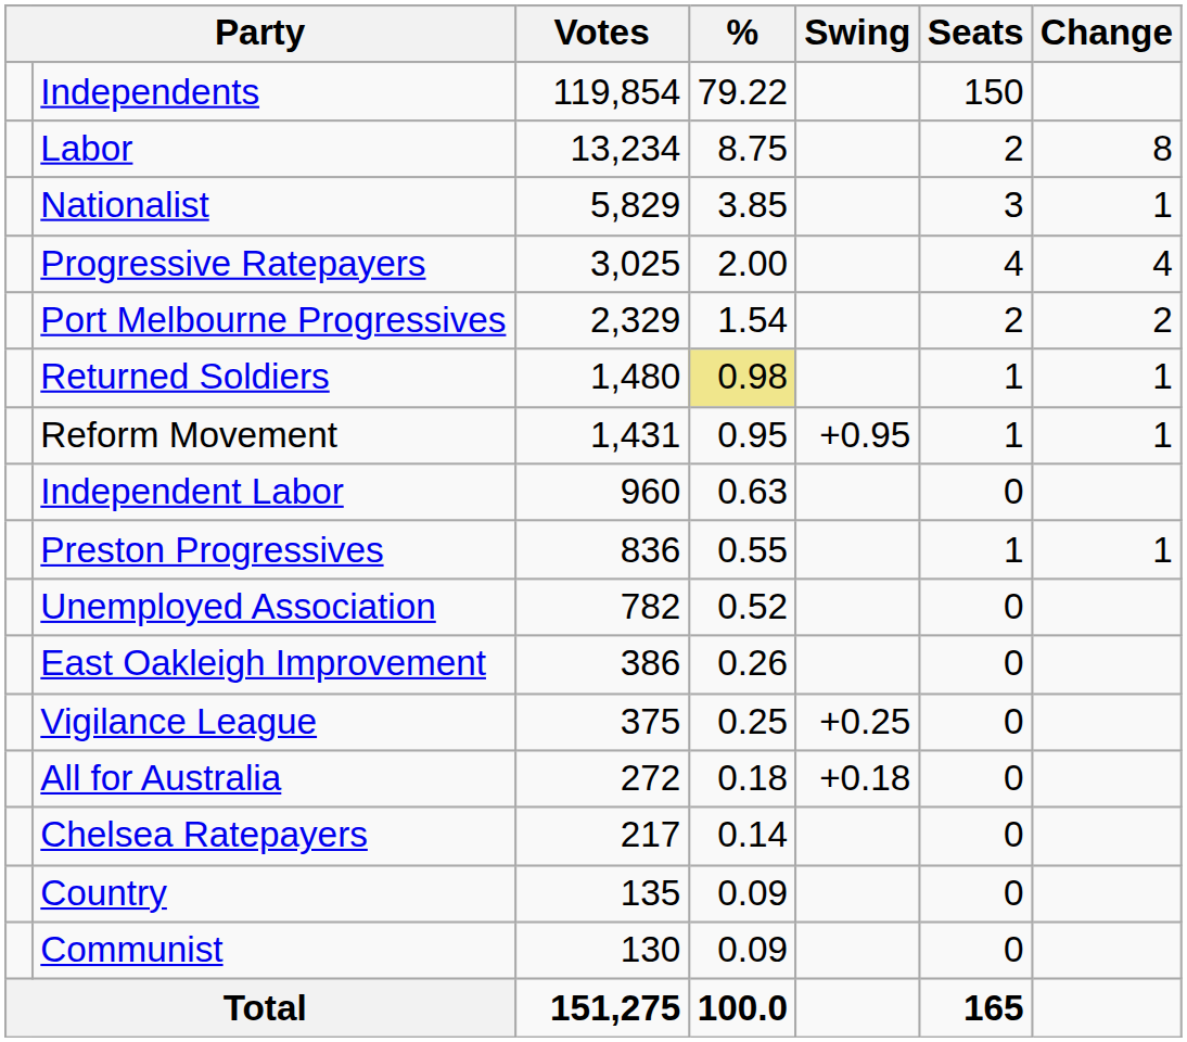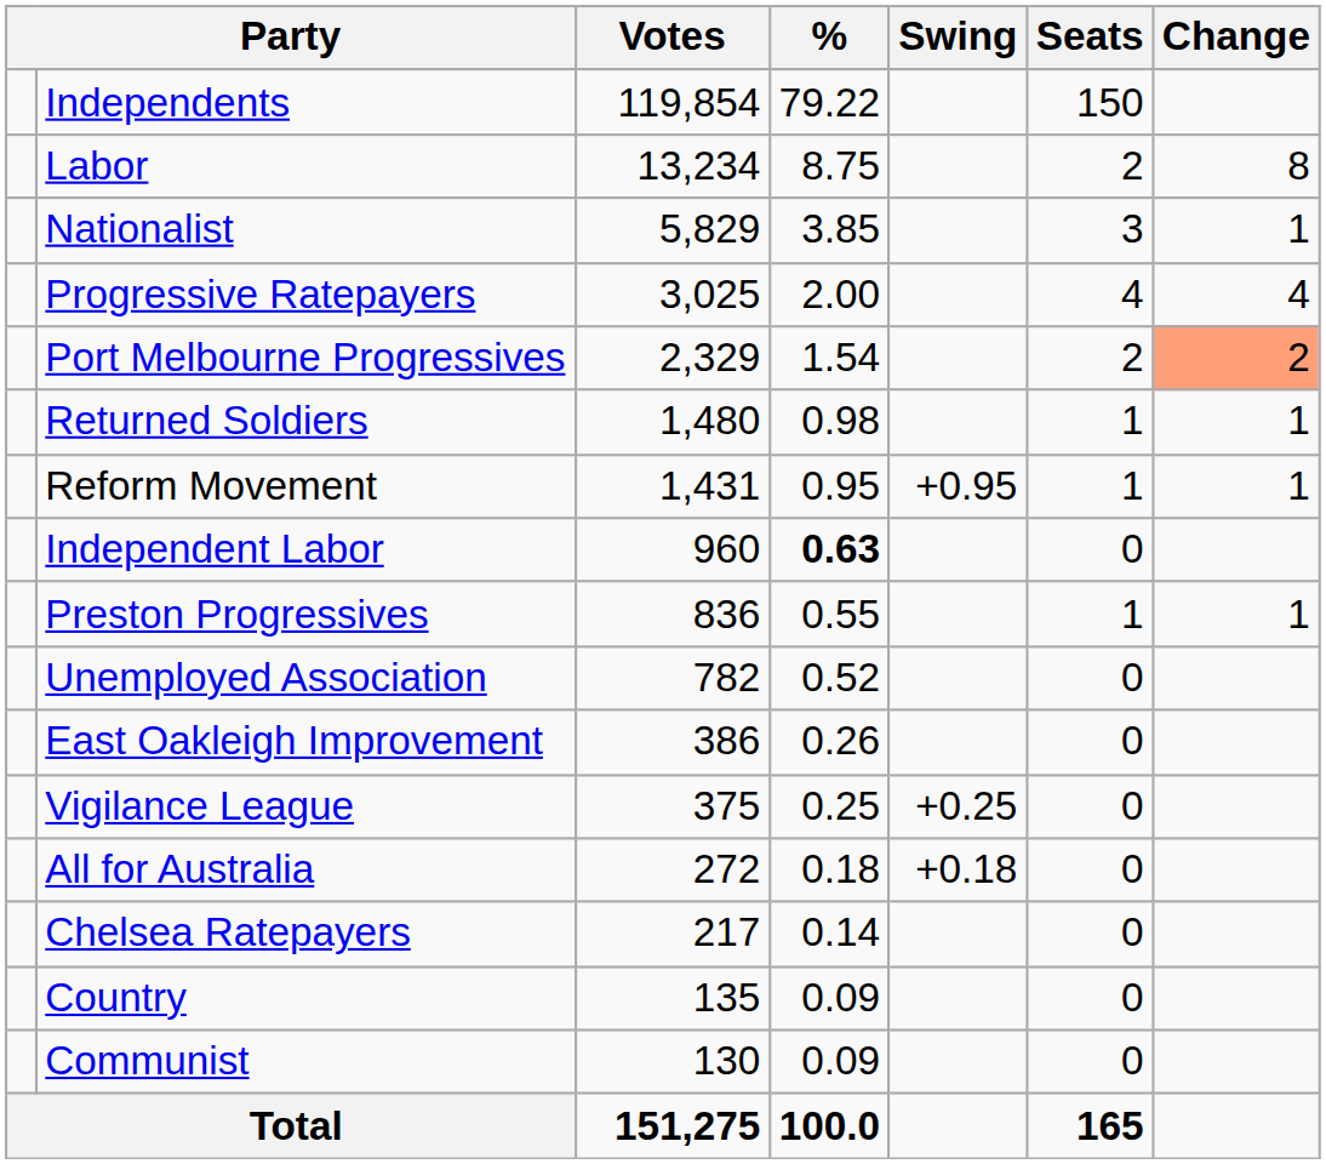 <table class="wikitable" style="text-align:right; margin-bottom:0">
 <tr>
 <th style="width:10px;" colspan=3>Party</th>
 <th style="width:70px;">Votes</th>
 <th style="width:40px;">%</th>
 <th style="width:40px;">Swing</th>
 <th style="width:40px;">Seats</th>
 <th style="width:40px;">Change</th>
 </tr>
 <tr>
 <td> </td>
 <td style="text-align:left;" colspan="2"><a href='#'>Independents</a></td>
 <td>119,854</td>
 <td>79.22</td>
 <td></td>
 <td>150</td>
 <td></td>
 </tr>
 <tr>
 <td> </td>
 <td style="text-align:left;" colspan="2"><a href='#'>Labor</a></td>
 <td>13,234</td>
 <td>8.75</td>
 <td></td>
 <td>2</td>
 <td> 8</td>
 </tr>
 <tr>
 <td> </td>
 <td style="text-align:left;" colspan="2"><a href='#'>Nationalist</a></td>
 <td>5,829</td>
 <td>3.85</td>
 <td></td>
 <td>3</td>
 <td> 1</td>
 </tr>
 <tr>
 <td> </td>
 <td style="text-align:left;" colspan="2"><a href='#'>Progressive Ratepayers</a></td>
 <td>3,025</td>
 <td>2.00</td>
 <td></td>
 <td>4</td>
 <td> 4</td>
 </tr>
 <tr>
 <td> </td>
 <td style="text-align:left;" colspan="2"><a href='#'>Port Melbourne Progressives</a></td>
 <td>2,329</td>
 <td>1.54</td>
 <td></td>
 <td>2</td>
-<td> 2</td>
+<td style="background: lightsalmon;"> 2</td>
 </tr>
 <tr>
 <td> </td>
 <td style="text-align:left;" colspan="2"><a href='#'>Returned Soldiers</a></td>
 <td>1,480</td>
-<td style="background: khaki;">0.98</td>
+<td>0.98</td>
 <td></td>
 <td>1</td>
 <td> 1</td>
 </tr>
 <tr>
 <td> </td>
 <td style="text-align:left;" colspan="2">Reform Movement</td>
 <td>1,431</td>
 <td>0.95</td>
 <td>+0.95</td>
 <td>1</td>
 <td> 1</td>
 </tr>
 <tr>
 <td> </td>
 <td style="text-align:left;" colspan="2"><a href='#'>Independent Labor</a></td>
 <td>960</td>
-<td>0.63</td>
+<td><strong>0.63</strong></td>
 <td></td>
 <td>0</td>
 <td></td>
 </tr>
 <tr>
 <td> </td>
 <td style="text-align:left;" colspan="2"><a href='#'>Preston Progressives</a></td>
 <td>836</td>
 <td>0.55</td>
 <td></td>
 <td>1</td>
 <td> 1</td>
 </tr>
 <tr>
 <td> </td>
 <td style="text-align:left;" colspan="2"><a href='#'>Unemployed Association</a></td>
 <td>782</td>
 <td>0.52</td>
 <td></td>
 <td>0</td>
 <td></td>
 </tr>
 <tr>
 <td> </td>
 <td style="text-align:left;" colspan="2"><a href='#'>East Oakleigh Improvement</a></td>
 <td>386</td>
 <td>0.26</td>
 <td></td>
 <td>0</td>
 <td></td>
 </tr>
 <tr>
 <td> </td>
 <td style="text-align:left;" colspan="2"><a href='#'>Vigilance League</a></td>
 <td>375</td>
 <td>0.25</td>
 <td>+0.25</td>
 <td>0</td>
 <td></td>
 </tr>
 <tr>
 <td> </td>
 <td style="text-align:left;" colspan="2"><a href='#'>All for Australia</a></td>
 <td>272</td>
 <td>0.18</td>
 <td>+0.18</td>
 <td>0</td>
 <td></td>
 </tr>
 <tr>
 <td> </td>
 <td style="text-align:left;" colspan="2"><a href='#'>Chelsea Ratepayers</a></td>
 <td>217</td>
 <td>0.14</td>
 <td></td>
 <td>0</td>
 <td></td>
 </tr>
 <tr>
 <td> </td>
 <td style="text-align:left;" colspan="2"><a href='#'>Country</a></td>
 <td>135</td>
 <td>0.09</td>
 <td></td>
 <td>0</td>
 <td></td>
 </tr>
 <tr>
 <td> </td>
 <td style="text-align:left;" colspan="2"><a href='#'>Communist</a></td>
 <td>130</td>
 <td>0.09</td>
 <td></td>
 <td>0</td>
 <td></td>
 </tr>
 <tr>
 <th colspan="3"> Total</th>
 <td><strong>151,275</strong></td>
 <td><strong>100.0</strong></td>
 <td></td>
 <td><strong>165</strong></td>
 <td></td>
 </tr>
 </table>
